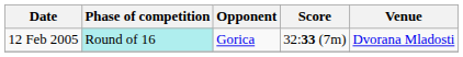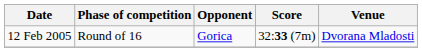 <table class="wikitable" style="font-size: 90%">
 <tr>
 <th>Date</th>
 <th>Phase of competition</th>
 <th>Opponent</th>
 <th>Score</th>
 <th>Venue</th>
 </tr>
 <tr>
 <td>12 Feb 2005</td>
-<td style="background: paleturquoise;">Round of 16</td>
+<td>Round of 16</td>
 <td><a href='#'>Gorica</a></td>
 <td>32:<strong>33</strong> (7m)</td>
 <td><a href='#'>Dvorana Mladosti</a></td>
 </tr>
 <tr>
 </tr>
 </table>
